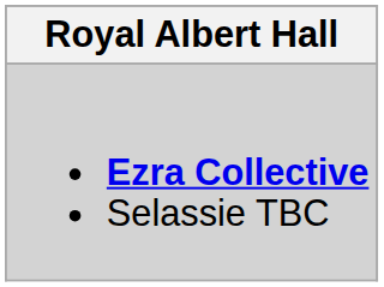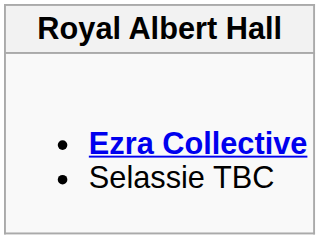 <table class="wikitable plainrowheaders">
 <tr>
 <th>Royal Albert Hall</th>
 </tr>
 <tr>
-<td valign="top" style="background: lightgrey;"><br><ul><li><strong><a href='#'>Ezra Collective</a></strong></li><li>Selassie TBC</li></ul></td>
+<td valign="top"><br><ul><li><strong><a href='#'>Ezra Collective</a></strong></li><li>Selassie TBC</li></ul></td>
 </tr>
 </table>
